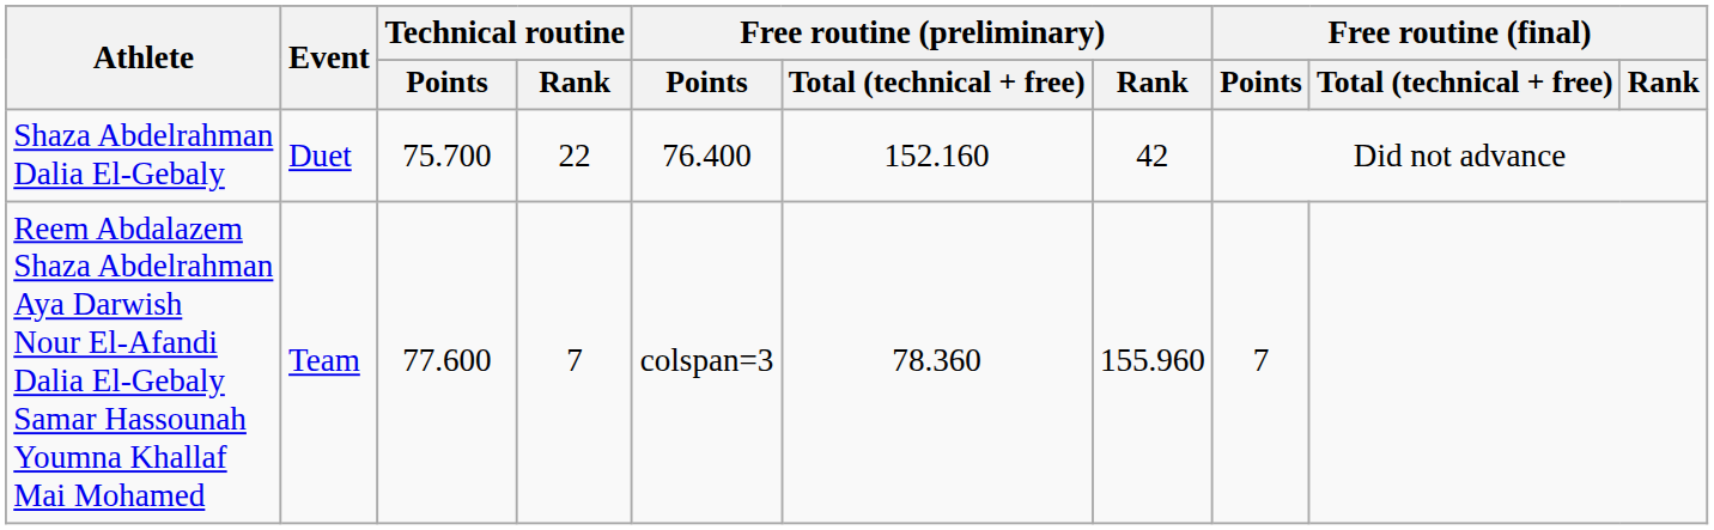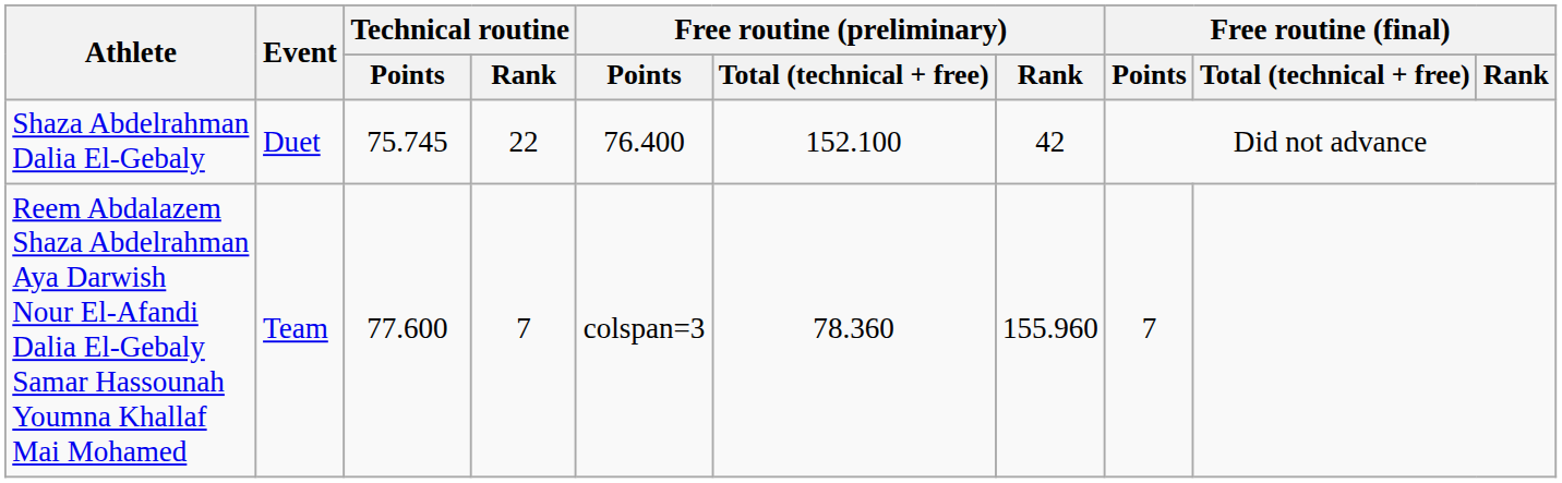 <table class="wikitable" style="font-size:90%">
 <tr>
 <th scope="col" rowspan=2>Athlete</th>
 <th scope="col" rowspan=2>Event</th>
 <th scope="col" colspan=2>Technical routine</th>
 <th scope="col" colspan=3>Free routine (preliminary)</th>
 <th scope="col" colspan=3>Free routine (final)</th>
 </tr>
 <tr style="font-size:95%">
 <th scope="col">Points</th>
 <th scope="col">Rank</th>
 <th scope="col">Points</th>
 <th scope="col">Total (technical + free)</th>
 <th scope="col">Rank</th>
 <th scope="col">Points</th>
 <th scope="col">Total (technical + free)</th>
 <th scope="col">Rank</th>
 </tr>
 <tr align=center>
 <td align=left><a href='#'>Shaza Abdelrahman</a><br><a href='#'>Dalia El-Gebaly</a></td>
 <td align=left><a href='#'>Duet</a></td>
-<td>75.700</td>
+<td>75.745</td>
 <td>22</td>
 <td>76.400</td>
-<td>152.160</td>
+<td>152.100</td>
 <td>42</td>
 <td colspan=3>Did not advance</td>
 </tr>
 <tr align=center>
 <td align=left><a href='#'>Reem Abdalazem</a><br><a href='#'>Shaza Abdelrahman</a><br><a href='#'>Aya Darwish</a><br><a href='#'>Nour El-Afandi</a><br><a href='#'>Dalia El-Gebaly</a><br><a href='#'>Samar Hassounah</a><br><a href='#'>Youmna Khallaf</a><br><a href='#'>Mai Mohamed</a></td>
 <td align=left><a href='#'>Team</a></td>
 <td>77.600</td>
 <td>7</td>
 <td>colspan=3 </td>
 <td>78.360</td>
 <td>155.960</td>
 <td>7</td>
 </tr>
 </table>
